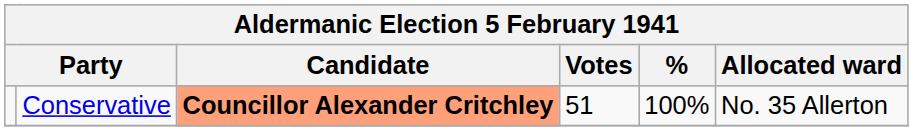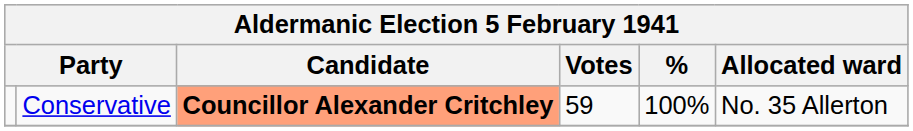 <table class="wikitable">
 <tr>
 <th colspan="6"><strong>Aldermanic Election 5 February 1941</strong></th>
 </tr>
 <tr>
 <th colspan="2">Party</th>
 <th>Candidate</th>
 <th>Votes</th>
 <th>%</th>
 <th>Allocated ward</th>
 </tr>
 <tr>
 <td style="background-color:"></td>
 <td><a href='#'>Conservative</a></td>
 <td style="background: lightsalmon;"><strong>Councillor Alexander Critchley</strong></td>
-<td>51</td>
+<td>59</td>
 <td>100%</td>
 <td>No. 35 Allerton</td>
 </tr>
 <tr>
 </tr>
 </table>
